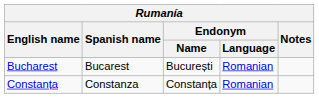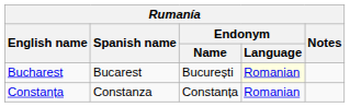 <table class="wikitable sortable">
 <tr>
 <th colspan="5"> <em>Rumanía</em></th>
 </tr>
 <tr>
 <th rowspan="2">English name</th>
 <th rowspan="2">Spanish name</th>
 <th colspan="2">Endonym</th>
 <th rowspan="2">Notes</th>
 </tr>
 <tr>
 <th>Name</th>
 <th>Language</th>
 </tr>
 <tr>
 <td><a href='#'>Bucharest</a></td>
 <td>Bucarest</td>
 <td>București</td>
-<td><a href='#'>Romanian</a></td>
+<td style="background: lightyellow;"><a href='#'>Romanian</a></td>
 <td></td>
 </tr>
 <tr>
 <td><a href='#'>Constanța</a></td>
 <td>Constanza</td>
 <td>Constanța</td>
 <td><a href='#'>Romanian</a></td>
 <td></td>
 </tr>
 </table>
